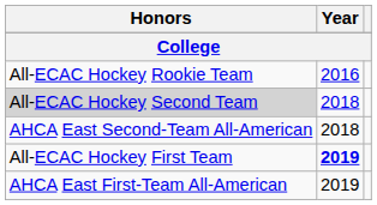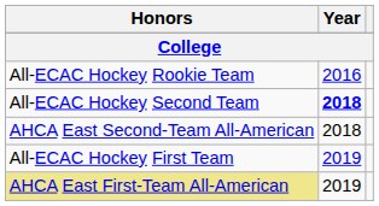 <table class="wikitable">
 <tr>
 <th>Honors</th>
 <th>Year</th>
 <th></th>
 </tr>
 <tr>
 </tr>
 <tr>
 <th colspan="3"><a href='#'>College</a></th>
 </tr>
 <tr>
 <td>All-<a href='#'>ECAC Hockey</a> <a href='#'>Rookie Team</a></td>
 <td><a href='#'>2016</a></td>
 <td></td>
 </tr>
 <tr>
-<td style="background: lightgrey;">All-<a href='#'>ECAC Hockey</a> <a href='#'>Second Team</a></td>
-<td><a href='#'>2018</a></td>
+<td>All-<a href='#'>ECAC Hockey</a> <a href='#'>Second Team</a></td>
+<td><strong><a href='#'>2018</a></strong></td>
 <td></td>
 </tr>
 <tr>
 <td><a href='#'>AHCA</a> <a href='#'>East Second-Team All-American</a></td>
 <td>2018</td>
 <td></td>
 </tr>
 <tr>
 <td>All-<a href='#'>ECAC Hockey</a> <a href='#'>First Team</a></td>
-<td><strong><a href='#'>2019</a></strong></td>
+<td><a href='#'>2019</a></td>
 <td></td>
 </tr>
 <tr>
-<td><a href='#'>AHCA</a> <a href='#'>East First-Team All-American</a></td>
+<td style="background: khaki;"><a href='#'>AHCA</a> <a href='#'>East First-Team All-American</a></td>
 <td>2019</td>
 <td></td>
 </tr>
 </table>
